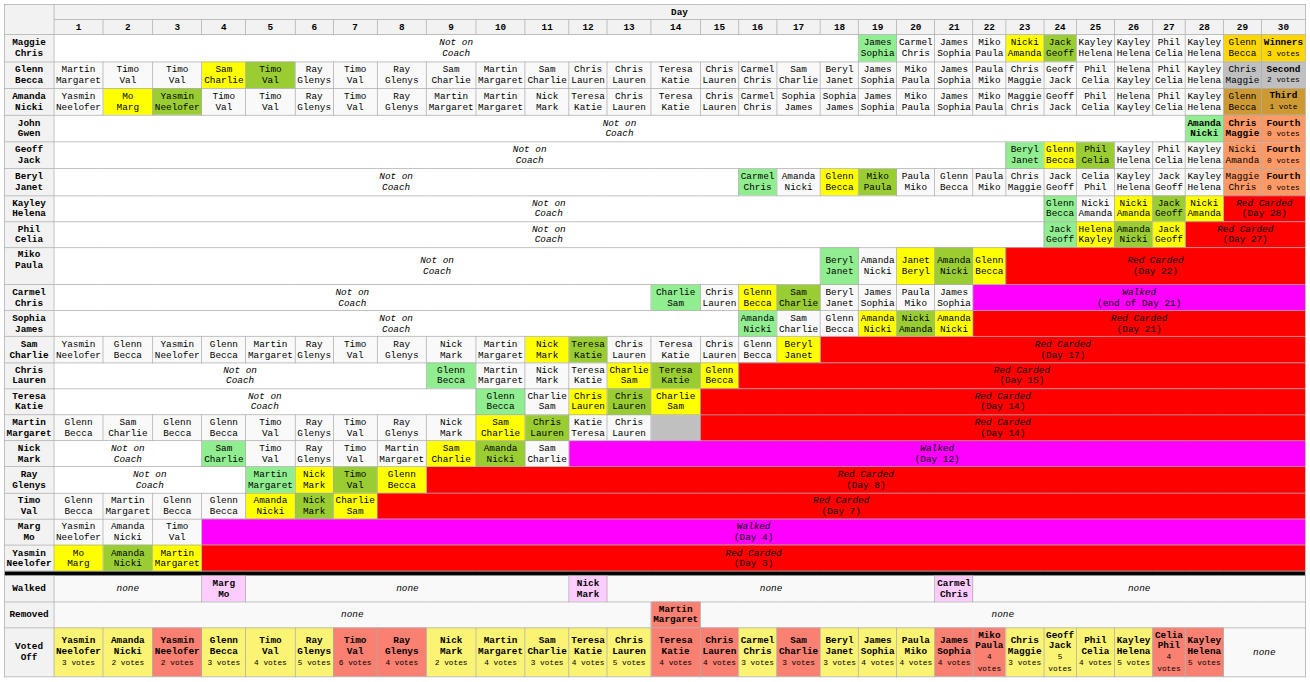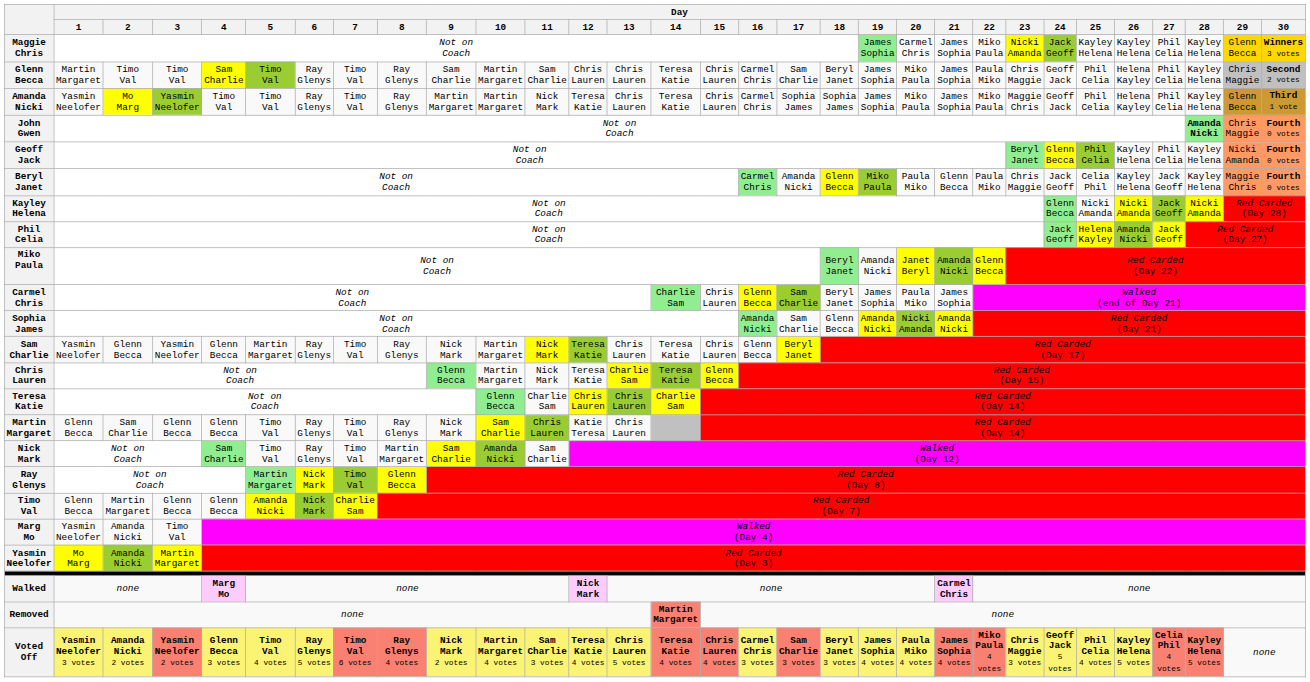 <table class="wikitable" style="text-align:center; line-height:15px;">
 <tr>
 <th style="width: 7%;" rowspan="2"></th>
 <th colspan=30>Day</th>
 </tr>
 <tr>
 <th style="width: 7%;">1</th>
 <th style="width: 7%;">2</th>
 <th style="width: 7%;">3</th>
 <th style="width: 7%;">4</th>
 <th style="width: 7%;">5</th>
 <th style="width: 7%;">6</th>
 <th style="width: 7%;">7</th>
 <th style="width: 7%;">8</th>
 <th style="width: 7%;">9</th>
 <th style="width: 7%;">10</th>
 <th style="width: 7%;">11</th>
 <th style="width: 7%;">12</th>
 <th style="width: 7%;">13</th>
 <th style="width: 7%;">14</th>
 <th style="width: 7%;">15</th>
 <th style="width: 7%;">16</th>
 <th style="width: 7%;">17</th>
 <th style="width: 7%;">18</th>
 <th style="width: 7%;">19</th>
 <th style="width: 7%;">20</th>
 <th style="width: 7%;">21</th>
 <th style="width: 7%;">22</th>
 <th style="width: 7%;">23</th>
 <th style="width: 7%;">24</th>
 <th style="width: 7%;">25</th>
 <th style="width: 7%;">26</th>
 <th style="width: 7%;">27</th>
 <th style="width: 7%;">28</th>
 <th style="width: 7%;">29</th>
 <th style="width: 7%;">30</th>
 </tr>
 <tr>
 <th>Maggie<br>Chris</th>
 <td colspan="18" bgcolor="#ffffff"><em>Not on<br>Coach</em></td>
 <td style="background:lightgreen;">James<br>Sophia</td>
 <td>Carmel<br>Chris</td>
 <td>James<br>Sophia</td>
 <td>Miko<br>Paula</td>
 <td style="background:yellow;">Nicki<br>Amanda</td>
 <td style="background:yellowgreen;">Jack<br>Geoff</td>
 <td>Kayley<br>Helena</td>
 <td>Kayley<br>Helena</td>
 <td>Phil<br>Celia</td>
 <td>Kayley<br>Helena</td>
 <td bgcolor="gold">Glenn<br>Becca</td>
 <td bgcolor="gold"><strong>Winners</strong><br><small>3 votes</small></td>
 </tr>
 <tr>
 <th>Glenn<br>Becca</th>
 <td>Martin<br>Margaret</td>
 <td>Timo<br>Val</td>
 <td>Timo<br>Val</td>
 <td style="background:yellow;">Sam<br>Charlie</td>
 <td style="background:yellowgreen;">Timo<br>Val</td>
 <td>Ray<br>Glenys</td>
 <td>Timo<br>Val</td>
 <td>Ray<br>Glenys</td>
 <td>Sam<br>Charlie</td>
 <td>Martin<br>Margaret</td>
 <td>Sam<br>Charlie</td>
 <td>Chris<br>Lauren</td>
 <td>Chris<br>Lauren</td>
 <td>Teresa<br>Katie</td>
 <td>Chris<br>Lauren</td>
 <td>Carmel<br>Chris</td>
 <td>Sam<br>Charlie</td>
 <td>Beryl<br>Janet</td>
 <td>James<br>Sophia</td>
 <td>Miko<br>Paula</td>
 <td>James<br>Sophia</td>
 <td>Paula<br>Miko</td>
 <td>Chris<br>Maggie</td>
 <td>Geoff<br>Jack</td>
 <td>Phil<br>Celia</td>
 <td>Helena<br>Kayley</td>
 <td>Phil<br>Celia</td>
 <td>Kayley<br>Helena</td>
 <td bgcolor="silver">Chris<br>Maggie</td>
 <td bgcolor="silver"><strong>Second</strong><br><small>2 votes</small></td>
 </tr>
 <tr>
 <th>Amanda<br>Nicki</th>
 <td>Yasmin<br>Neelofer</td>
 <td style="background:yellow;">Mo<br>Marg</td>
 <td style="background:yellowgreen;">Yasmin<br>Neelofer</td>
 <td>Timo<br>Val</td>
 <td>Timo<br>Val</td>
 <td>Ray<br>Glenys</td>
 <td>Timo<br>Val</td>
 <td>Ray<br>Glenys</td>
 <td>Martin<br>Margaret</td>
 <td>Martin<br>Margaret</td>
 <td>Nick<br>Mark</td>
 <td>Teresa<br>Katie</td>
 <td>Chris<br>Lauren</td>
 <td>Teresa<br>Katie</td>
 <td>Chris<br>Lauren</td>
 <td>Carmel<br>Chris</td>
 <td>Sophia<br>James</td>
 <td>Sophia<br>James</td>
 <td>James<br>Sophia</td>
 <td>Miko<br>Paula</td>
 <td>James<br>Sophia</td>
 <td>Miko<br>Paula</td>
 <td>Maggie<br>Chris</td>
 <td>Geoff<br>Jack</td>
 <td>Phil<br>Celia</td>
 <td>Helena<br>Kayley</td>
 <td>Phil<br>Celia</td>
 <td>Kayley<br>Helena</td>
 <td bgcolor=#cc9933>Glenn<br>Becca</td>
 <td bgcolor=#cc9933><strong>Third</strong><br><small>1 vote</small></td>
 </tr>
 <tr>
 <th>John<br>Gwen</th>
 <td colspan="27" bgcolor="#ffffff"><em>Not on<br>Coach</em></td>
 <td style="background:lightgreen;"><strong>Amanda<br>Nicki</strong></td>
-<td bgcolor=#ff9966><strong>Chris<br>Maggie</strong></td>
+<td bgcolor=#ff9966>Chris<br>Maggie</td>
 <td bgcolor=#ff9966><strong>Fourth</strong><br><small>0 votes</small></td>
 </tr>
 <tr>
 <th>Geoff<br>Jack</th>
 <td colspan="22" bgcolor="#ffffff"><em>Not on<br>Coach</em></td>
 <td style="background:lightgreen;">Beryl<br>Janet</td>
 <td style="background:yellow;">Glenn<br>Becca</td>
 <td style="background:yellowgreen;">Phil<br>Celia</td>
 <td>Kayley<br>Helena</td>
 <td>Phil<br>Celia</td>
 <td>Kayley<br>Helena</td>
 <td bgcolor=#ff9966>Nicki<br>Amanda</td>
 <td bgcolor=#ff9966><strong>Fourth</strong><br><small>0 votes</small></td>
 </tr>
 <tr>
 <th>Beryl<br>Janet</th>
 <td colspan="15" bgcolor="#ffffff"><em>Not on<br>Coach</em></td>
 <td style="background:lightgreen;">Carmel<br>Chris</td>
 <td>Amanda<br>Nicki</td>
 <td style="background:yellow;">Glenn<br>Becca</td>
 <td style="background:yellowgreen;">Miko<br>Paula</td>
 <td>Paula<br>Miko</td>
 <td>Glenn<br>Becca</td>
 <td>Paula<br>Miko</td>
 <td>Chris<br>Maggie</td>
 <td>Jack<br>Geoff</td>
 <td>Celia<br>Phil</td>
 <td>Kayley<br>Helena</td>
 <td>Jack<br>Geoff</td>
 <td>Kayley<br>Helena</td>
 <td bgcolor=#ff9966>Maggie<br>Chris</td>
 <td bgcolor=#ff9966><strong>Fourth</strong><br><small>0 votes</small></td>
 </tr>
 <tr>
 <th>Kayley<br>Helena</th>
 <td colspan="23" bgcolor="#ffffff"><em>Not on<br>Coach</em></td>
 <td style="background:lightgreen;">Glenn<br>Becca</td>
 <td>Nicki<br>Amanda</td>
 <td style="background:yellow;">Nicki<br>Amanda</td>
 <td style="background:yellowgreen;">Jack<br>Geoff</td>
 <td style="background:yellow;">Nicki<br>Amanda</td>
 <td colspan="2" bgcolor=red><em>Red Carded</em><br>(Day 28)</td>
 </tr>
 <tr>
 <th>Phil<br>Celia</th>
 <td colspan="23" bgcolor="#ffffff"><em>Not on<br>Coach</em></td>
 <td style="background:lightgreen;">Jack<br>Geoff</td>
 <td style="background:yellow;">Helena<br>Kayley</td>
 <td style="background:yellowgreen;">Amanda<br>Nicki</td>
 <td style="background:yellow;">Jack<br>Geoff</td>
 <td colspan="3" bgcolor=red><em>Red Carded</em><br>(Day 27)</td>
 </tr>
 <tr>
 <th>Miko<br>Paula<br><br></th>
 <td colspan="17" bgcolor="#ffffff"><em>Not on<br>Coach</em></td>
 <td style="background:lightgreen;">Beryl<br>Janet</td>
 <td>Amanda<br>Nicki</td>
 <td style="background:yellow;">Janet<br>Beryl</td>
 <td style="background:yellowgreen;">Amanda<br>Nicki</td>
 <td style="background:yellow;">Glenn<br>Becca</td>
 <td colspan="8" bgcolor=red><em>Red Carded</em><br>(Day 22)</td>
 </tr>
 <tr>
 <th>Carmel<br>Chris</th>
 <td colspan="13" bgcolor="#ffffff"><em>Not on<br>Coach</em></td>
 <td style="background:lightgreen;">Charlie<br>Sam</td>
 <td>Chris<br>Lauren</td>
 <td style="background:yellow;">Glenn<br>Becca</td>
 <td style="background:yellowgreen;">Sam<br>Charlie</td>
 <td>Beryl<br>Janet</td>
 <td>James<br>Sophia</td>
 <td>Paula<br>Miko</td>
 <td>James<br>Sophia</td>
 <td colspan="9" bgcolor=magenta><em>Walked</em><br>(end of Day 21)</td>
 </tr>
 <tr>
 <th>Sophia<br>James</th>
 <td colspan="15" bgcolor="#ffffff"><em>Not on<br>Coach</em></td>
 <td style="background:lightgreen;">Amanda<br>Nicki</td>
 <td>Sam<br>Charlie</td>
 <td>Glenn<br>Becca</td>
 <td style="background:yellow;">Amanda<br>Nicki</td>
 <td style="background:yellowgreen;">Nicki<br>Amanda</td>
 <td style="background:yellow;">Amanda<br>Nicki</td>
 <td colspan="9" bgcolor=red><em>Red Carded</em><br>(Day 21)</td>
 </tr>
 <tr>
 <th>Sam<br>Charlie</th>
 <td>Yasmin<br>Neelofer</td>
 <td>Glenn<br>Becca</td>
 <td>Yasmin<br>Neelofer</td>
 <td>Glenn<br>Becca</td>
 <td>Martin<br>Margaret</td>
 <td>Ray<br>Glenys</td>
 <td>Timo<br>Val</td>
 <td>Ray<br>Glenys</td>
 <td>Nick<br>Mark</td>
 <td>Martin<br>Margaret</td>
 <td style="background:yellow;">Nick<br>Mark</td>
 <td style="background:yellowgreen;">Teresa<br>Katie</td>
 <td>Chris<br>Lauren</td>
 <td>Teresa<br>Katie</td>
 <td>Chris<br>Lauren</td>
 <td>Glenn<br>Becca</td>
 <td style="background:yellow;">Beryl<br>Janet</td>
 <td colspan="13" bgcolor=red><em>Red Carded</em><br>(Day 17)</td>
 </tr>
 <tr>
 <th>Chris<br>Lauren</th>
 <td colspan="8" bgcolor="#ffffff"><em>Not on<br>Coach</em></td>
 <td style="background:lightgreen;">Glenn<br>Becca</td>
 <td>Martin<br>Margaret</td>
 <td>Nick<br>Mark</td>
 <td>Teresa<br>Katie</td>
 <td style="background:yellow;">Charlie<br>Sam</td>
 <td style="background:yellowgreen;">Teresa<br>Katie</td>
 <td style="background:yellow;">Glenn<br>Becca</td>
 <td colspan="15" bgcolor=red><em>Red Carded</em><br>(Day 15)</td>
 </tr>
 <tr>
 <th>Teresa<br>Katie</th>
 <td colspan="9" bgcolor="#ffffff"><em>Not on<br>Coach</em></td>
 <td style="background:lightgreen;">Glenn<br>Becca</td>
 <td>Charlie<br>Sam</td>
 <td style="background:yellow;">Chris<br>Lauren</td>
 <td style="background:yellowgreen;">Chris<br>Lauren</td>
 <td style="background:yellow;">Charlie<br>Sam</td>
 <td colspan="16" bgcolor=red><em>Red Carded</em><br>(Day 14)</td>
 </tr>
 <tr>
 <th>Martin<br>Margaret</th>
 <td>Glenn<br>Becca</td>
 <td>Sam<br>Charlie</td>
 <td>Glenn<br>Becca</td>
 <td>Glenn<br>Becca</td>
 <td>Timo<br>Val</td>
 <td>Ray<br>Glenys</td>
 <td>Timo<br>Val</td>
 <td>Ray<br>Glenys</td>
 <td>Nick<br>Mark</td>
 <td style="background:yellow;">Sam<br>Charlie</td>
 <td style="background:yellowgreen;">Chris<br>Lauren</td>
 <td>Katie<br>Teresa</td>
 <td>Chris<br>Lauren</td>
 <td bgcolor="silver"><em></em></td>
 <td colspan="16" bgcolor=red><em>Red Carded</em><br>(Day 14)</td>
 </tr>
 <tr>
 <th>Nick<br>Mark</th>
 <td colspan="3" bgcolor="#ffffff"><em>Not on<br>Coach</em></td>
 <td style="background:lightgreen;">Sam<br>Charlie</td>
 <td>Timo<br>Val</td>
 <td>Ray<br>Glenys</td>
 <td>Timo<br>Val</td>
 <td>Martin<br>Margaret</td>
 <td style="background:yellow;">Sam<br>Charlie</td>
 <td style="background:yellowgreen;">Amanda<br>Nicki</td>
 <td>Sam<br>Charlie</td>
 <td colspan="19" bgcolor="magenta"><em>Walked</em><br>(Day 12)</td>
 </tr>
 <tr>
 <th>Ray<br>Glenys</th>
 <td colspan="4" bgcolor="#ffffff"><em>Not on<br>Coach</em></td>
 <td style="background:lightgreen;">Martin<br>Margaret</td>
 <td style="background:yellow;">Nick<br>Mark</td>
 <td style="background:yellowgreen;">Timo<br>Val</td>
 <td style="background:yellow;">Glenn<br>Becca</td>
 <td colspan="22" bgcolor=red><em>Red Carded</em><br>(Day 8)</td>
 </tr>
 <tr>
 <th>Timo<br>Val</th>
 <td>Glenn<br>Becca</td>
 <td>Martin<br>Margaret</td>
 <td>Glenn<br>Becca</td>
 <td>Glenn<br>Becca</td>
 <td style="background:yellow;">Amanda<br>Nicki</td>
 <td style="background:yellowgreen;">Nick<br>Mark</td>
 <td style="background:yellow;">Charlie<br>Sam</td>
 <td colspan="23" bgcolor=red><em>Red Carded</em><br>(Day 7)</td>
 </tr>
 <tr>
 <th>Marg<br>Mo</th>
 <td>Yasmin<br>Neelofer</td>
 <td>Amanda<br>Nicki</td>
 <td>Timo<br>Val</td>
 <td colspan="27" bgcolor="magenta"><em>Walked</em><br>(Day 4)</td>
 </tr>
 <tr>
 <th>Yasmin<br>Neelofer</th>
 <td style="background:yellow;">Mo<br>Marg</td>
 <td style="background:yellowgreen;">Amanda<br>Nicki</td>
 <td style="background:yellow;">Martin<br>Margaret</td>
 <td colspan="27" bgcolor=red><em>Red Carded</em><br>(Day 3)</td>
 </tr>
 <tr>
 <th style="background:black;" colspan="31"></th>
 </tr>
 <tr>
 <th>Walked</th>
 <td colspan="3"><em>none</em></td>
 <td bgcolor="#ffccff"><strong>Marg<br>Mo</strong></td>
 <td colspan="7"><em>none</em></td>
 <td bgcolor="#ffccff"><strong>Nick<br>Mark</strong></td>
 <td colspan="8"><em>none</em></td>
 <td bgcolor="#ffccff"><strong>Carmel<br>Chris</strong></td>
 <td colspan="9"><em>none</em></td>
 </tr>
 <tr>
 <th>Removed</th>
 <td colspan="13"><em>none</em></td>
 <td bgcolor="#fa8072"><strong>Martin<br>Margaret</strong></td>
 <td colspan="16"><em>none</em></td>
 </tr>
 <tr>
 <th>Voted Off</th>
 <td style="background:#fbf373;"><strong>Yasmin<br>Neelofer</strong><br><small>3 votes</small></td>
 <td style="background:#fbf373;"><strong>Amanda<br>Nicki</strong><br><small>2 votes</small></td>
 <td style="background:#fa8072;"><strong>Yasmin<br>Neelofer</strong><br><small>2 votes</small></td>
 <td style="background:#fbf373;"><strong>Glenn<br>Becca</strong><br><small>3 votes</small></td>
 <td style="background:#fbf373;"><strong>Timo<br>Val</strong><br><small>4 votes</small></td>
 <td style="background:#fbf373;"><strong>Ray<br>Glenys</strong><br><small>5 votes</small></td>
 <td style="background:#fa8072;"><strong>Timo<br>Val</strong><br><small>6 votes</small></td>
 <td style="background:#fa8072;"><strong>Ray<br>Glenys</strong><br><small>4 votes</small></td>
 <td style="background:#fbf373;"><strong>Nick<br>Mark</strong><br><small>2 votes</small></td>
 <td style="background:#fbf373;"><strong>Martin<br>Margaret</strong><br><small>4 votes</small></td>
 <td style="background:#fbf373;"><strong>Sam<br>Charlie</strong><br><small>3 votes</small></td>
 <td style="background:#fbf373;"><strong>Teresa<br>Katie</strong><br><small>4 votes</small></td>
 <td style="background:#fbf373;"><strong>Chris<br>Lauren</strong><br><small>5 votes</small></td>
 <td style="background:#fa8072;"><strong>Teresa<br>Katie</strong><br><small>4 votes</small></td>
 <td style="background:#fa8072;"><strong>Chris<br>Lauren</strong><br><small>4 votes</small></td>
 <td style="background:#fbf373;"><strong>Carmel<br>Chris</strong><br><small>3 votes</small></td>
 <td style="background:#fa8072;"><strong>Sam<br>Charlie</strong><br><small>3 votes</small></td>
 <td style="background:#fbf373;"><strong>Beryl<br>Janet</strong><br><small>3 votes</small></td>
 <td style="background:#fbf373;"><strong>James<br>Sophia</strong><br><small>4 votes</small></td>
 <td style="background:#fbf373;"><strong>Paula<br>Miko</strong><br><small>4 votes</small></td>
 <td style="background:#fa8072;"><strong>James<br>Sophia</strong><br><small>4 votes</small></td>
 <td style="background:#fa8072;"><strong>Miko<br>Paula</strong><br><small>4 votes</small></td>
 <td style="background:#fbf373;"><strong>Chris<br>Maggie</strong><br><small>3 votes</small></td>
 <td style="background:#fbf373;"><strong>Geoff<br>Jack</strong><br><small>5 votes</small></td>
 <td style="background:#fbf373;"><strong>Phil<br>Celia</strong><br><small>4 votes</small></td>
 <td style="background:#fbf373;"><strong>Kayley<br>Helena</strong><br><small>5 votes</small></td>
 <td style="background:#fa8072;"><strong>Celia<br>Phil</strong><br><small>4 votes</small></td>
 <td style="background:#fa8072;"><strong>Kayley<br>Helena</strong><br><small>5 votes</small></td>
 <td colspan="2"><em>none</em></td>
 </tr>
 </table>
